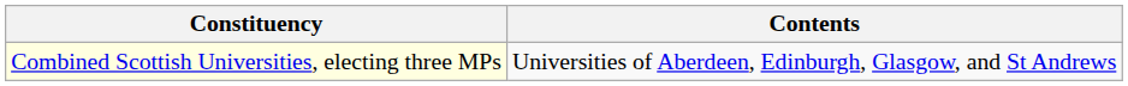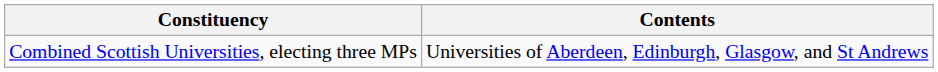 <table class="wikitable">
 <tr>
 <th>Constituency</th>
 <th>Contents</th>
 </tr>
 <tr>
-<td style="background: lightyellow;"><a href='#'>Combined Scottish Universities</a>, electing three MPs</td>
+<td><a href='#'>Combined Scottish Universities</a>, electing three MPs</td>
 <td>Universities of <a href='#'>Aberdeen</a>, <a href='#'>Edinburgh</a>, <a href='#'>Glasgow</a>, and <a href='#'>St Andrews</a></td>
 </tr>
 </table>
